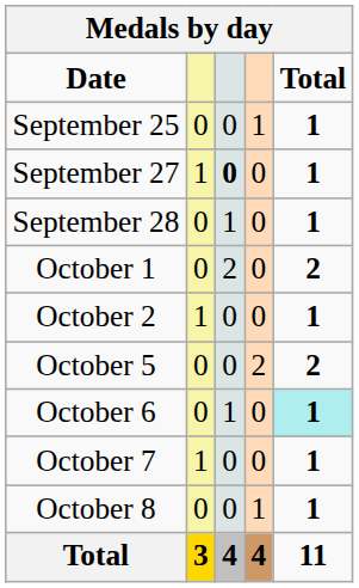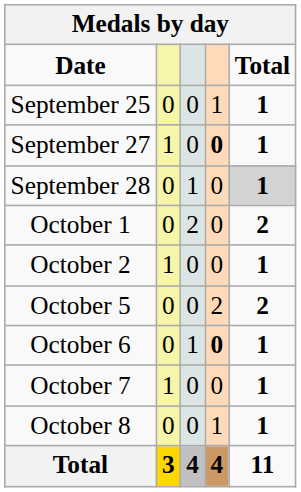 <table class=wikitable style="text-align:center">
 <tr>
 <th colspan=7>Medals by day</th>
 </tr>
 <tr>
 <td><strong>Date</strong></td>
 <td style="background:#F7F6A8"></td>
 <td style="background:#DCE5E5"></td>
 <td style="background:#FFDAB9"></td>
 <td><strong>Total</strong></td>
 </tr>
 <tr>
 <td>September 25</td>
 <td style="background:#F7F6A8">0</td>
 <td style="background:#DCE5E5">0</td>
 <td style="background:#FFDAB9">1</td>
 <td><strong>1</strong></td>
 </tr>
 <tr>
 <td>September 27</td>
 <td style="background:#F7F6A8">1</td>
-<td style="background:#DCE5E5"><strong>0</strong></td>
-<td style="background:#FFDAB9">0</td>
+<td style="background:#DCE5E5">0</td>
+<td style="background:#FFDAB9"><strong>0</strong></td>
 <td><strong>1</strong></td>
 </tr>
 <tr>
 <td>September 28</td>
 <td style="background:#F7F6A8">0</td>
 <td style="background:#DCE5E5">1</td>
 <td style="background:#FFDAB9">0</td>
-<td><strong>1</strong></td>
+<td style="background: lightgrey;"><strong>1</strong></td>
 </tr>
 <tr>
 <td>October 1</td>
 <td style="background:#F7F6A8">0</td>
 <td style="background:#DCE5E5">2</td>
 <td style="background:#FFDAB9">0</td>
 <td><strong>2</strong></td>
 </tr>
 <tr>
 <td>October 2</td>
 <td style="background:#F7F6A8">1</td>
 <td style="background:#DCE5E5">0</td>
 <td style="background:#FFDAB9">0</td>
 <td><strong>1</strong></td>
 </tr>
 <tr>
 <td>October 5</td>
 <td style="background:#F7F6A8">0</td>
 <td style="background:#DCE5E5">0</td>
 <td style="background:#FFDAB9">2</td>
 <td><strong>2</strong></td>
 </tr>
 <tr>
 <td>October 6</td>
 <td style="background:#F7F6A8">0</td>
 <td style="background:#DCE5E5">1</td>
-<td style="background:#FFDAB9">0</td>
-<td style="background: paleturquoise;"><strong>1</strong></td>
+<td style="background:#FFDAB9"><strong>0</strong></td>
+<td><strong>1</strong></td>
 </tr>
 <tr>
 <td>October 7</td>
 <td style="background:#F7F6A8">1</td>
 <td style="background:#DCE5E5">0</td>
 <td style="background:#FFDAB9">0</td>
 <td><strong>1</strong></td>
 </tr>
 <tr>
 <td>October 8</td>
 <td style="background:#F7F6A8">0</td>
 <td style="background:#DCE5E5">0</td>
 <td style="background:#FFDAB9">1</td>
 <td><strong>1</strong></td>
 </tr>
 <tr>
 <th>Total</th>
 <td style="background:gold;"><strong>3</strong></td>
 <td style="background:silver;"><strong>4</strong></td>
 <td style="background:#c96;"><strong>4</strong></td>
 <td><strong>11</strong></td>
 </tr>
 </table>
